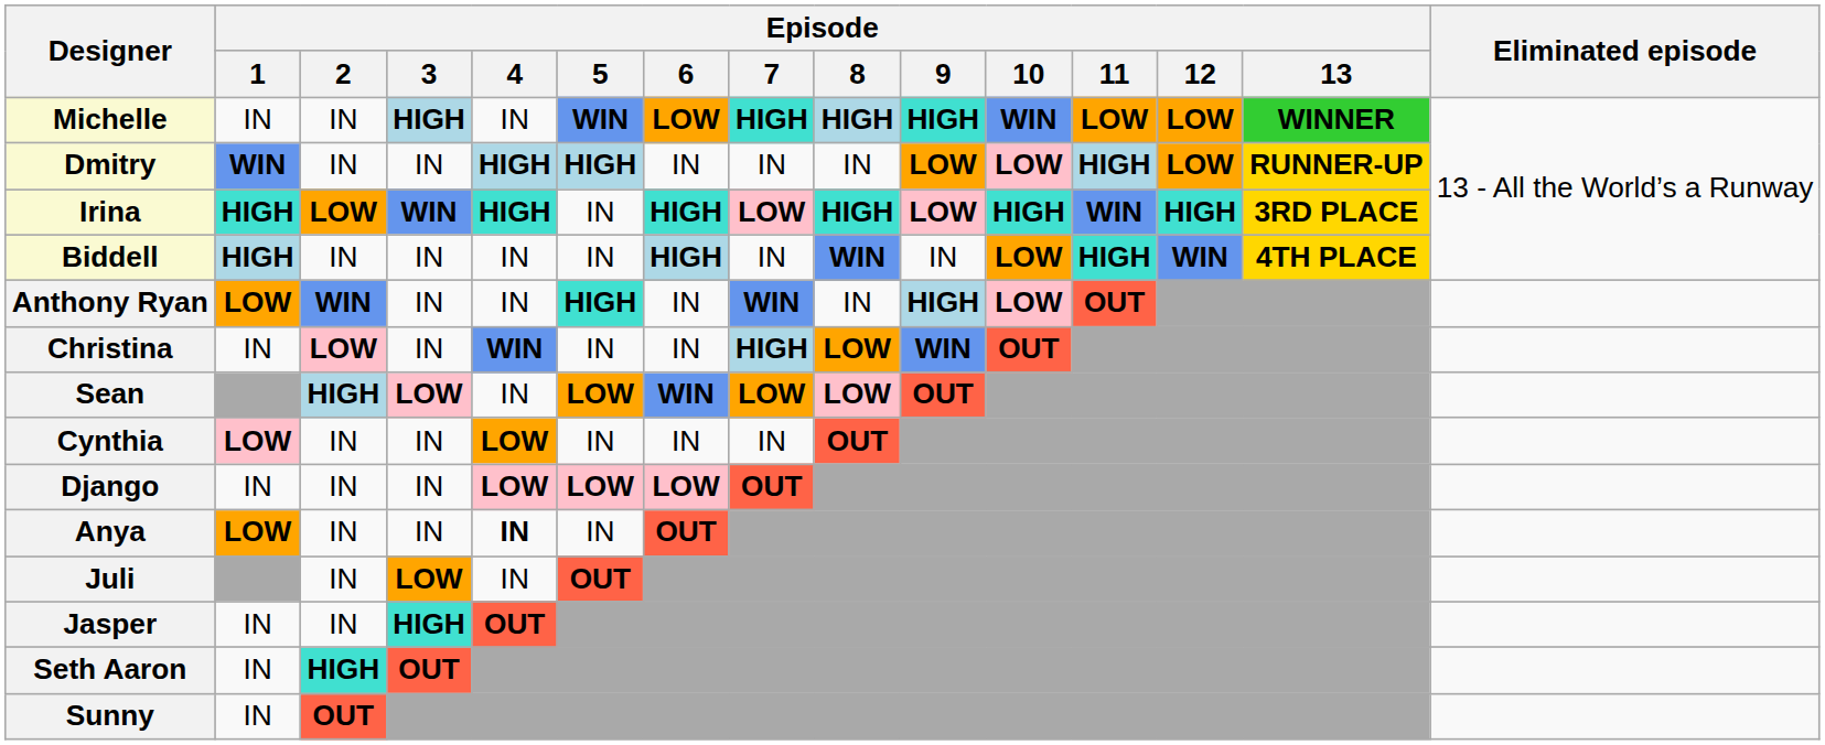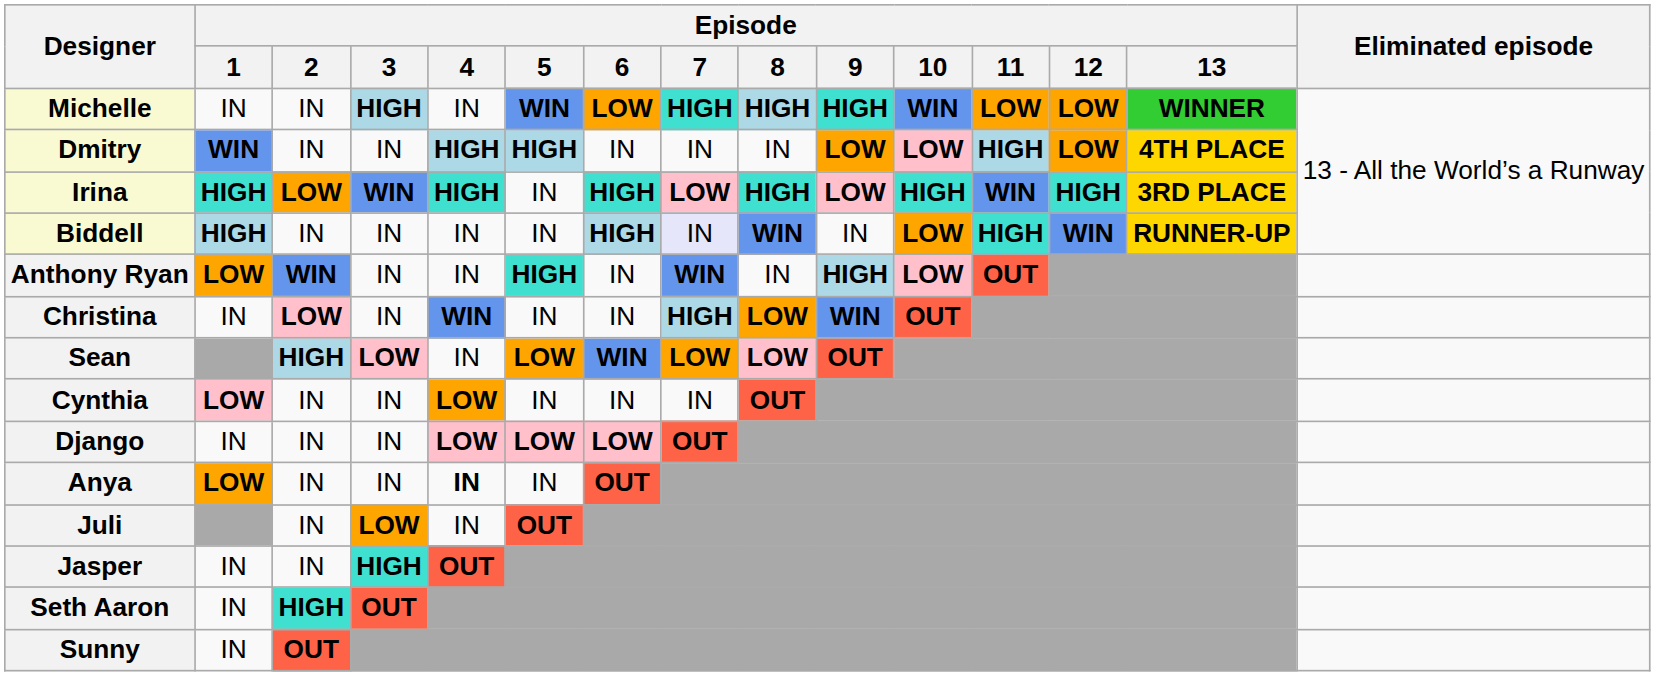 <table class="wikitable" style="text-align:center">
 <tr>
 <th rowspan="2">Designer</th>
 <th colspan="13">Episode</th>
 <th rowspan="2">Eliminated episode</th>
 </tr>
 <tr>
 <th>1</th>
 <th>2</th>
 <th>3</th>
 <th>4</th>
 <th>5</th>
 <th>6</th>
 <th>7</th>
 <th>8</th>
 <th>9</th>
 <th>10</th>
 <th>11</th>
 <th>12</th>
 <th>13</th>
 </tr>
 <tr>
 <th style="background:#FAFAD2;">Michelle</th>
 <td>IN</td>
 <td>IN</td>
 <td style="background:lightblue;"><strong>HIGH</strong></td>
 <td>IN</td>
 <td style="background:cornflowerblue;"><strong>WIN</strong></td>
 <td style="background:orange;"><strong>LOW</strong></td>
 <td style="background:turquoise;"><strong>HIGH</strong></td>
 <td style="background:lightblue;"><strong>HIGH</strong></td>
 <td style="background:turquoise;"><strong>HIGH</strong></td>
 <td style="background:cornflowerblue;"><strong>WIN</strong></td>
 <td style="background:orange;"><strong>LOW</strong></td>
 <td style="background:orange;"><strong>LOW</strong></td>
 <td style="background:limegreen;"><strong>WINNER</strong></td>
 <td rowspan="4">13 - All the World’s a Runway</td>
 </tr>
 <tr>
 <th style="background:#FAFAD2;">Dmitry</th>
 <td style="background:cornflowerblue;"><strong>WIN</strong></td>
 <td>IN</td>
 <td>IN</td>
 <td style="background:lightblue;"><strong>HIGH</strong></td>
 <td style="background:lightblue;"><strong>HIGH</strong></td>
 <td>IN</td>
 <td>IN</td>
 <td>IN</td>
 <td style="background:orange;"><strong>LOW</strong></td>
 <td style="background:pink;"><strong>LOW</strong></td>
 <td style="background:lightblue;"><strong>HIGH</strong></td>
 <td style="background:orange;"><strong>LOW</strong></td>
-<td style="background:gold;"><strong>RUNNER-UP</strong></td>
+<td style="background:gold;"><strong>4TH PLACE</strong></td>
 </tr>
 <tr>
 <th style="background:#FAFAD2;">Irina</th>
 <td style="background:turquoise;"><strong>HIGH</strong></td>
 <td style="background:orange;"><strong>LOW</strong></td>
 <td style="background:cornflowerblue;"><strong>WIN</strong></td>
 <td style="background:turquoise;"><strong>HIGH</strong></td>
 <td>IN</td>
 <td style="background:turquoise;"><strong>HIGH</strong></td>
 <td style="background:pink;"><strong>LOW</strong></td>
 <td style="background:turquoise;"><strong>HIGH</strong></td>
 <td style="background:pink;"><strong>LOW</strong></td>
 <td style="background:turquoise;"><strong>HIGH</strong></td>
 <td style="background:cornflowerblue;"><strong>WIN</strong></td>
 <td style="background:turquoise;"><strong>HIGH</strong></td>
 <td style="background:gold;"><strong>3RD PLACE</strong></td>
 </tr>
 <tr>
 <th style="background:#FAFAD2;">Biddell</th>
 <td style="background:lightblue;"><strong>HIGH</strong></td>
 <td>IN</td>
 <td>IN</td>
 <td>IN</td>
 <td>IN</td>
 <td style="background:lightblue;"><strong>HIGH</strong></td>
-<td>IN</td>
+<td style="background: lavender;">IN</td>
 <td style="background:cornflowerblue;"><strong>WIN</strong></td>
 <td>IN</td>
 <td style="background:orange;"><strong>LOW</strong></td>
 <td style="background:turquoise;"><strong>HIGH</strong></td>
 <td style="background:cornflowerblue;"><strong>WIN</strong></td>
-<td style="background:gold;"><strong>4TH PLACE</strong></td>
+<td style="background:gold;"><strong>RUNNER-UP</strong></td>
 </tr>
 <tr>
 <th>Anthony Ryan</th>
 <td style="background:orange;"><strong>LOW</strong></td>
 <td style="background:cornflowerblue;"><strong>WIN</strong></td>
 <td>IN</td>
 <td>IN</td>
 <td style="background:turquoise;"><strong>HIGH</strong></td>
 <td>IN</td>
 <td style="background:cornflowerblue;"><strong>WIN</strong></td>
 <td>IN</td>
 <td style="background:lightblue;"><strong>HIGH</strong></td>
 <td style="background:pink;"><strong>LOW</strong></td>
 <td style="background:tomato;"><strong>OUT</strong></td>
 <td style="background:darkgrey;" colspan="2"></td>
 <td></td>
 </tr>
 <tr>
 <th>Christina</th>
 <td>IN</td>
 <td style="background:pink;"><strong>LOW</strong></td>
 <td>IN</td>
 <td style="background:cornflowerblue;"><strong>WIN</strong></td>
 <td>IN</td>
 <td>IN</td>
 <td style="background:lightblue;"><strong>HIGH</strong></td>
 <td style="background:orange;"><strong>LOW</strong></td>
 <td style="background:cornflowerblue;"><strong>WIN</strong></td>
 <td style="background:tomato;"><strong>OUT</strong></td>
 <td style="background:darkgrey;" colspan="3"></td>
 <td></td>
 </tr>
 <tr>
 <th>Sean</th>
 <td style="background:darkgrey;"></td>
 <td style="background:lightblue;"><strong>HIGH</strong></td>
 <td style="background:pink;"><strong>LOW</strong></td>
 <td>IN</td>
 <td style="background:orange;"><strong>LOW</strong></td>
 <td style="background:cornflowerblue;"><strong>WIN</strong></td>
 <td style="background:orange;"><strong>LOW</strong></td>
 <td style="background:pink;"><strong>LOW</strong></td>
 <td style="background:tomato;"><strong>OUT</strong></td>
 <td style="background:darkgrey;" colspan="4"></td>
 <td></td>
 </tr>
 <tr>
 <th>Cynthia</th>
 <td style="background:pink;"><strong>LOW</strong></td>
 <td>IN</td>
 <td>IN</td>
 <td style="background:orange;"><strong>LOW</strong></td>
 <td>IN</td>
 <td>IN</td>
 <td>IN</td>
 <td style="background:tomato;"><strong>OUT</strong></td>
 <td style="background:darkgrey;" colspan="5"></td>
 <td></td>
 </tr>
 <tr>
 <th>Django</th>
 <td>IN</td>
 <td>IN</td>
 <td>IN</td>
 <td style="background:pink;"><strong>LOW</strong></td>
 <td style="background:pink;"><strong>LOW</strong></td>
 <td style="background:pink;"><strong>LOW</strong></td>
 <td style="background:tomato;"><strong>OUT</strong></td>
 <td style="background:darkgrey;" colspan="6"></td>
 <td></td>
 </tr>
 <tr>
 <th>Anya</th>
 <td style="background:orange;"><strong>LOW</strong></td>
 <td>IN</td>
 <td>IN</td>
 <td><strong>IN</strong></td>
 <td>IN</td>
 <td style="background:tomato;"><strong>OUT</strong></td>
 <td style="background:darkgrey;" colspan="7"></td>
 <td></td>
 </tr>
 <tr>
 <th>Juli</th>
 <td style="background:darkgrey;"></td>
 <td>IN</td>
 <td style="background:orange;"><strong>LOW</strong></td>
 <td>IN</td>
 <td style="background:tomato;"><strong>OUT</strong></td>
 <td style="background:darkgrey;" colspan="8"></td>
 <td></td>
 </tr>
 <tr>
 <th>Jasper</th>
 <td>IN</td>
 <td>IN</td>
 <td style="background:turquoise;"><strong>HIGH</strong></td>
 <td style="background:tomato;"><strong>OUT</strong></td>
 <td style="background:darkgrey;" colspan="9"></td>
 <td></td>
 </tr>
 <tr>
 <th>Seth Aaron</th>
 <td>IN</td>
 <td style="background:turquoise;"><strong>HIGH</strong></td>
 <td style="background:tomato;"><strong>OUT</strong></td>
 <td style="background:darkgrey;" colspan="10"></td>
 <td></td>
 </tr>
 <tr>
 <th>Sunny</th>
 <td>IN</td>
 <td style="background:tomato;"><strong>OUT</strong></td>
 <td style="background:darkgrey;" colspan="11"></td>
 <td></td>
 </tr>
 </table>
